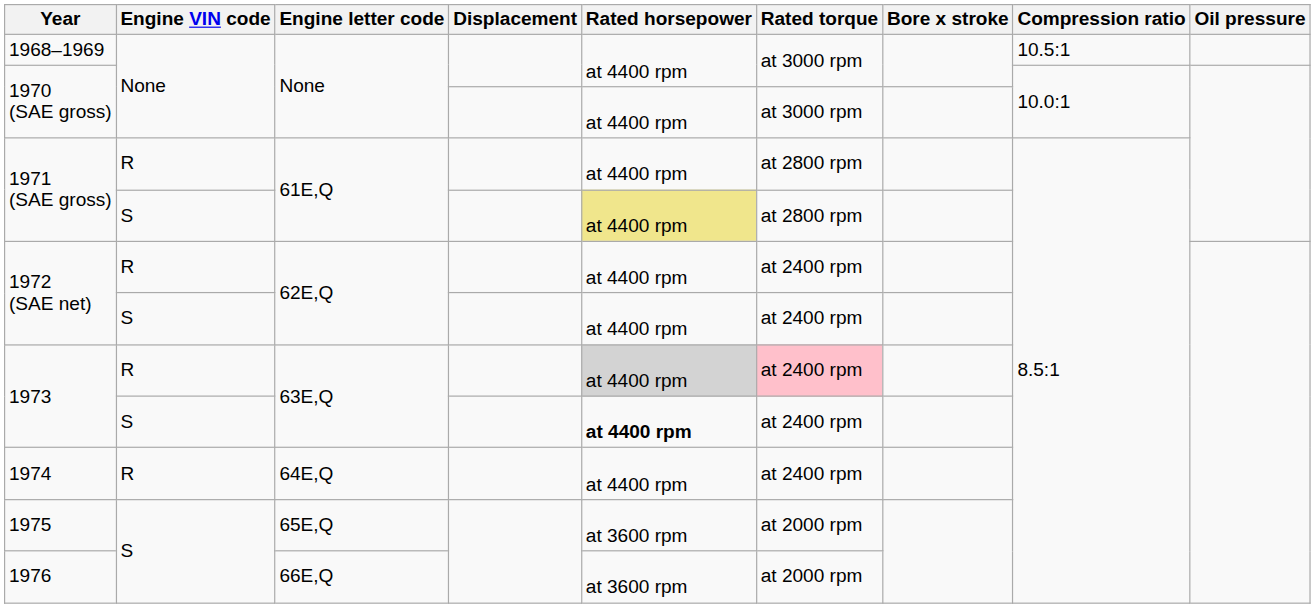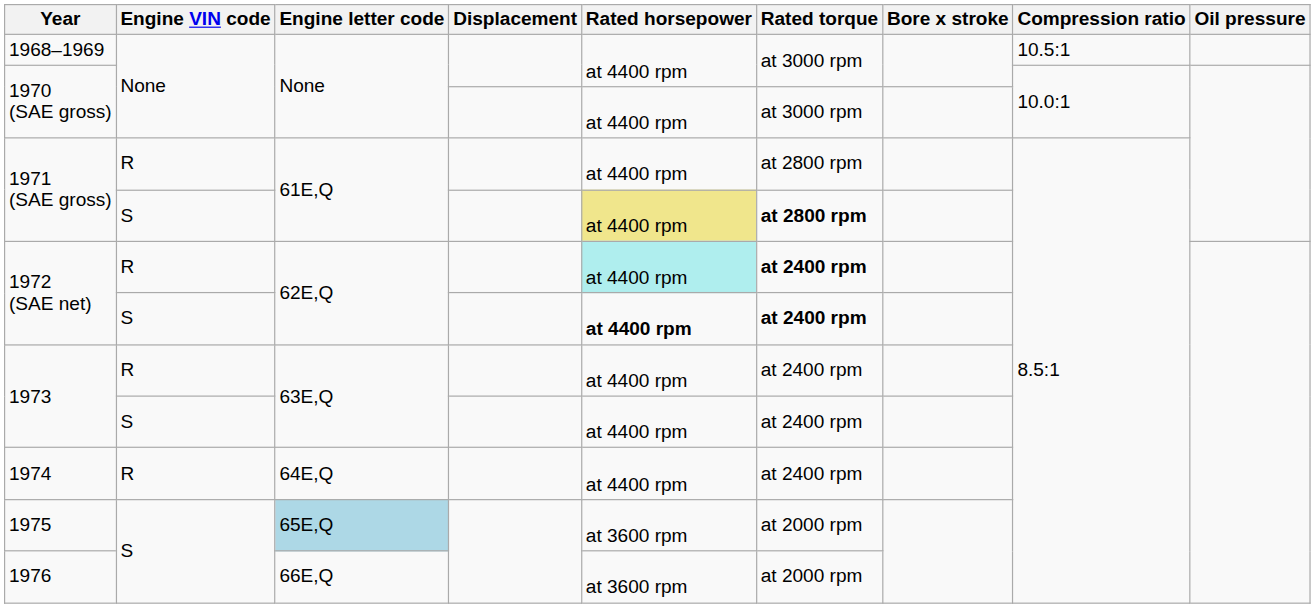 <table class="wikitable">
 <tr>
 <th>Year</th>
 <th>Engine <a href='#'>VIN</a> code</th>
 <th>Engine letter code</th>
 <th>Displacement</th>
 <th>Rated horsepower</th>
 <th>Rated torque</th>
 <th>Bore x stroke</th>
 <th>Compression ratio</th>
 <th>Oil pressure</th>
 </tr>
 <tr>
 <td>1968–1969</td>
 <td rowspan=3>None</td>
 <td rowspan=3>None</td>
 <td rowspan=2></td>
 <td rowspan=2><br>at 4400 rpm</td>
 <td rowspan=2> at 3000 rpm</td>
 <td rowspan=2></td>
 <td>10.5:1</td>
 <td></td>
 </tr>
 <tr>
 <td rowspan=2>1970<br>(SAE gross)</td>
 <td rowspan="2">10.0:1</td>
 <td rowspan=4></td>
 </tr>
 <tr>
 <td></td>
 <td><br>at 4400 rpm</td>
 <td> at 3000 rpm</td>
 <td></td>
 </tr>
 <tr>
 <td rowspan=2>1971<br>(SAE gross)</td>
 <td>R</td>
 <td rowspan=2>61E,Q</td>
 <td></td>
 <td><br>at 4400 rpm</td>
 <td> at 2800 rpm</td>
 <td></td>
 <td rowspan=10>8.5:1</td>
 </tr>
 <tr>
 <td>S</td>
 <td></td>
 <td style="background: khaki;"><br>at 4400 rpm</td>
-<td> at 2800 rpm</td>
+<td><strong> at 2800 rpm</strong></td>
 <td></td>
 </tr>
 <tr>
 <td rowspan=2>1972<br>(SAE net)</td>
 <td>R</td>
 <td rowspan=2>62E,Q</td>
 <td></td>
-<td><br>at 4400 rpm</td>
-<td> at 2400 rpm</td>
+<td style="background: paleturquoise;"><br>at 4400 rpm</td>
+<td><strong> at 2400 rpm</strong></td>
 <td></td>
 <td rowspan=8></td>
 </tr>
 <tr>
 <td>S</td>
 <td></td>
-<td><br>at 4400 rpm</td>
-<td> at 2400 rpm</td>
+<td><strong><br>at 4400 rpm</strong></td>
+<td><strong> at 2400 rpm</strong></td>
 <td></td>
 </tr>
 <tr>
 <td rowspan=2>1973</td>
 <td>R</td>
 <td rowspan=2>63E,Q</td>
 <td></td>
-<td style="background: lightgrey;"><br>at 4400 rpm</td>
-<td style="background: pink;"> at 2400 rpm</td>
+<td><br>at 4400 rpm</td>
+<td> at 2400 rpm</td>
 <td></td>
 </tr>
 <tr>
 <td>S</td>
 <td></td>
-<td><strong><br>at 4400 rpm</strong></td>
+<td><br>at 4400 rpm</td>
 <td> at 2400 rpm</td>
 <td></td>
 </tr>
 <tr>
 <td rowspan=2>1974</td>
 <td>R</td>
 <td rowspan=2>64E,Q</td>
 <td></td>
 <td><br>at 4400 rpm</td>
 <td> at 2400 rpm</td>
 <td></td>
 </tr>
 <tr>
 <td rowspan=3>S</td>
 <td rowspan=3></td>
 <td rowspan=2><br>at 3600 rpm</td>
 <td rowspan=2> at 2000 rpm</td>
 <td rowspan=3></td>
 </tr>
 <tr>
 <td>1975</td>
-<td>65E,Q</td>
+<td style="background: lightblue;">65E,Q</td>
 </tr>
 <tr>
 <td>1976</td>
 <td>66E,Q</td>
 <td><br>at 3600 rpm</td>
 <td> at 2000 rpm</td>
 </tr>
 </table>
